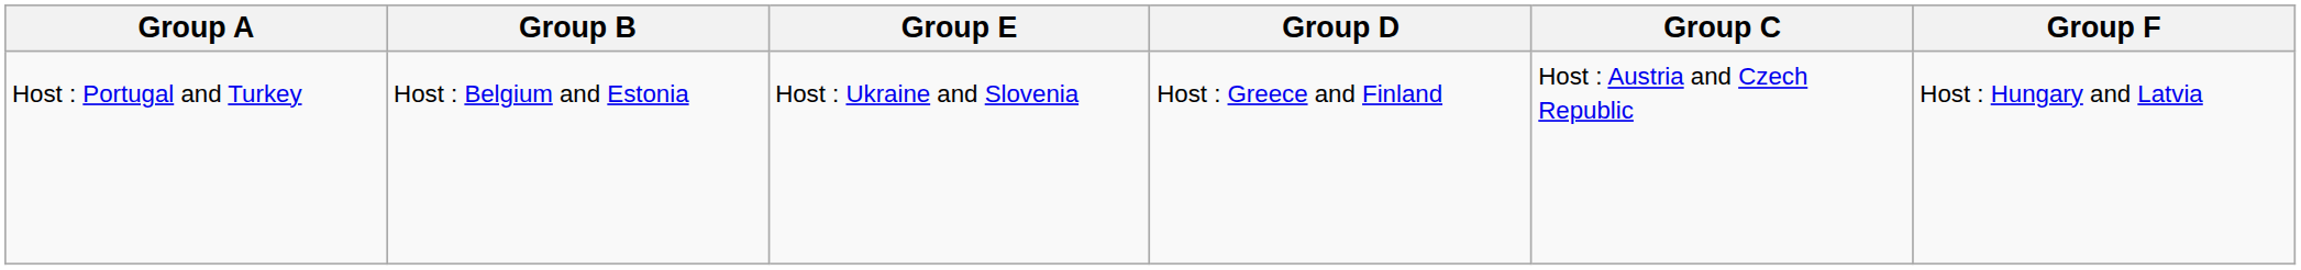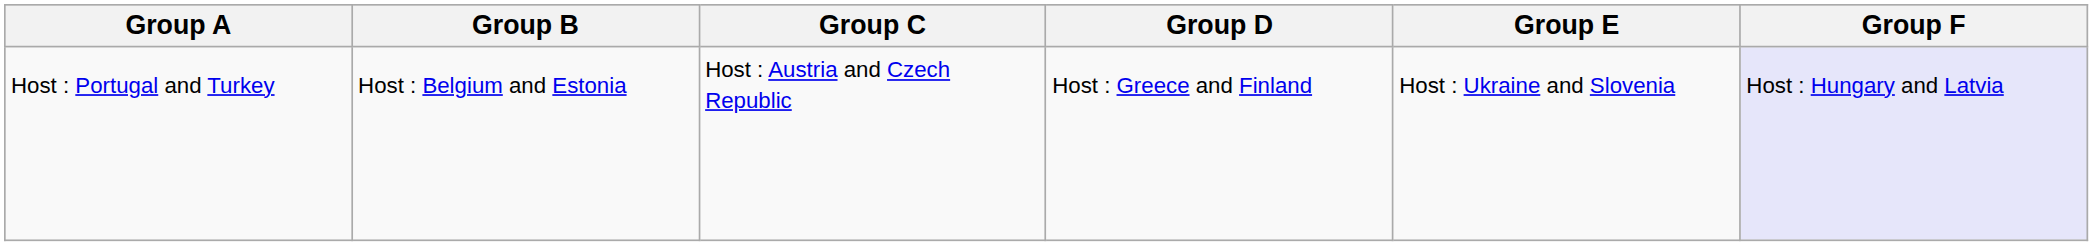 <table class="wikitable">
 <tr>
 <th width=16%>Group A</th>
 <th width=16%>Group B</th>
+<th width=16%>Group C</th>
+<th width=16%>Group D</th>
 <th width=16%>Group E</th>
-<th width=16%>Group D</th>
-<th width=16%>Group C</th>
 <th width=16%>Group F</th>
 </tr>
 <tr>
 <td><small>Host : <a href='#'>Portugal</a> and <a href='#'>Turkey</a></small><br> <br>  <br>  <br>  <br></td>
 <td><small>Host : <a href='#'>Belgium</a> and <a href='#'>Estonia</a></small><br> <br>  <br>  <br>  <br></td>
+<td><small>Host : <a href='#'>Austria</a> and <a href='#'>Czech Republic</a></small><br> <br>  <br>  <br>  <br></td>
+<td><small>Host : <a href='#'>Greece</a> and <a href='#'>Finland</a></small><br> <br>  <br>  <br>  <br></td>
 <td><small>Host : <a href='#'>Ukraine</a> and <a href='#'>Slovenia</a></small><br> <br>  <br>  <br>  <br></td>
-<td><small>Host : <a href='#'>Greece</a> and <a href='#'>Finland</a></small><br> <br>  <br>  <br>  <br></td>
-<td><small>Host : <a href='#'>Austria</a> and <a href='#'>Czech Republic</a></small><br> <br>  <br>  <br>  <br></td>
-<td><small>Host : <a href='#'>Hungary</a> and <a href='#'>Latvia</a></small><br> <br>  <br>  <br>  <br></td>
+<td style="background: lavender;"><small>Host : <a href='#'>Hungary</a> and <a href='#'>Latvia</a></small><br> <br>  <br>  <br>  <br></td>
 </tr>
 </table>
